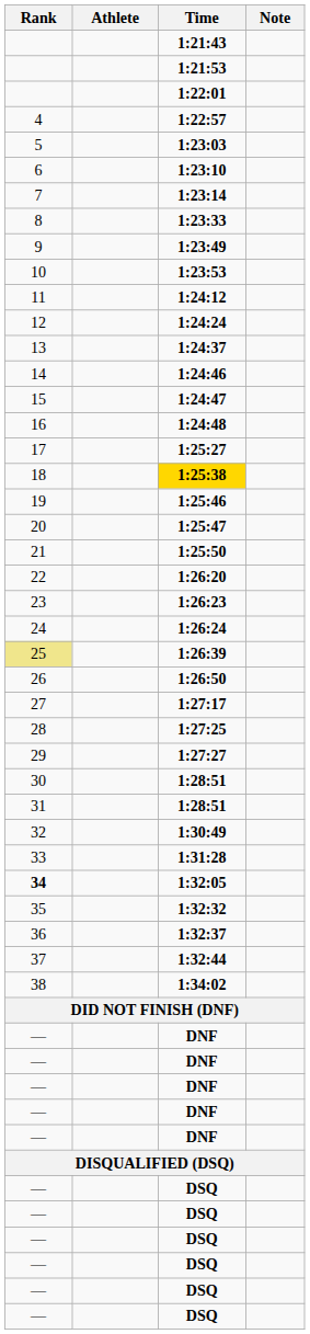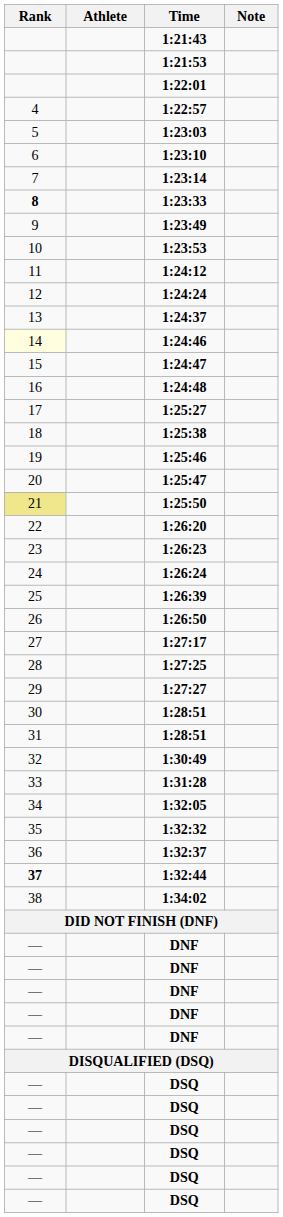 <table class="wikitable" style=" text-align:center; font-size:110%;" width="55%">
 <tr>
 <th>Rank</th>
 <th>Athlete</th>
 <th>Time</th>
 <th>Note</th>
 </tr>
 <tr>
 <td></td>
 <td align=left></td>
 <td><strong>1:21:43</strong></td>
 <td></td>
 </tr>
 <tr>
 <td></td>
 <td align=left></td>
 <td><strong>1:21:53</strong></td>
 <td></td>
 </tr>
 <tr>
 <td></td>
 <td align=left></td>
 <td><strong>1:22:01</strong></td>
 <td></td>
 </tr>
 <tr>
 <td>4</td>
 <td align=left></td>
 <td><strong>1:22:57</strong></td>
 <td></td>
 </tr>
 <tr>
 <td>5</td>
 <td align=left></td>
 <td><strong>1:23:03</strong></td>
 <td></td>
 </tr>
 <tr>
 <td>6</td>
 <td align=left></td>
 <td><strong>1:23:10</strong></td>
 <td></td>
 </tr>
 <tr>
 <td>7</td>
 <td align=left></td>
 <td><strong>1:23:14</strong></td>
 <td></td>
 </tr>
 <tr>
-<td>8</td>
+<td><strong>8</strong></td>
 <td align=left></td>
 <td><strong>1:23:33</strong></td>
 <td></td>
 </tr>
 <tr>
 <td>9</td>
 <td align=left></td>
 <td><strong>1:23:49</strong></td>
 <td></td>
 </tr>
 <tr>
 <td>10</td>
 <td align=left></td>
 <td><strong>1:23:53</strong></td>
 <td></td>
 </tr>
 <tr>
 <td>11</td>
 <td align=left></td>
 <td><strong>1:24:12</strong></td>
 <td></td>
 </tr>
 <tr>
 <td>12</td>
 <td align=left></td>
 <td><strong>1:24:24</strong></td>
 <td></td>
 </tr>
 <tr>
 <td>13</td>
 <td align=left></td>
 <td><strong>1:24:37</strong></td>
 <td></td>
 </tr>
 <tr>
-<td>14</td>
+<td style="background: lightyellow;">14</td>
 <td align=left></td>
 <td><strong>1:24:46</strong></td>
 <td></td>
 </tr>
 <tr>
 <td>15</td>
 <td align=left></td>
 <td><strong>1:24:47</strong></td>
 <td></td>
 </tr>
 <tr>
 <td>16</td>
 <td align=left></td>
 <td><strong>1:24:48</strong></td>
 <td></td>
 </tr>
 <tr>
 <td>17</td>
 <td align=left></td>
 <td><strong>1:25:27</strong></td>
 <td></td>
 </tr>
 <tr>
 <td>18</td>
 <td align=left></td>
-<td style="background: gold;"><strong>1:25:38</strong></td>
+<td><strong>1:25:38</strong></td>
 <td></td>
 </tr>
 <tr>
 <td>19</td>
 <td align=left></td>
 <td><strong>1:25:46</strong></td>
 <td></td>
 </tr>
 <tr>
 <td>20</td>
 <td align=left></td>
 <td><strong>1:25:47</strong></td>
 <td></td>
 </tr>
 <tr>
-<td>21</td>
+<td style="background: khaki;">21</td>
 <td align=left></td>
 <td><strong>1:25:50</strong></td>
 <td></td>
 </tr>
 <tr>
 <td>22</td>
 <td align=left></td>
 <td><strong>1:26:20</strong></td>
 <td></td>
 </tr>
 <tr>
 <td>23</td>
 <td align=left></td>
 <td><strong>1:26:23</strong></td>
 <td></td>
 </tr>
 <tr>
 <td>24</td>
 <td align=left></td>
 <td><strong>1:26:24</strong></td>
 <td></td>
 </tr>
 <tr>
-<td style="background: khaki;">25</td>
+<td>25</td>
 <td align=left></td>
 <td><strong>1:26:39</strong></td>
 <td></td>
 </tr>
 <tr>
 <td>26</td>
 <td align=left></td>
 <td><strong>1:26:50</strong></td>
 <td></td>
 </tr>
 <tr>
 <td>27</td>
 <td align=left></td>
 <td><strong>1:27:17</strong></td>
 <td></td>
 </tr>
 <tr>
 <td>28</td>
 <td align=left></td>
 <td><strong>1:27:25</strong></td>
 <td></td>
 </tr>
 <tr>
 <td>29</td>
 <td align=left></td>
 <td><strong>1:27:27</strong></td>
 <td></td>
 </tr>
 <tr>
 <td>30</td>
 <td align=left></td>
 <td><strong>1:28:51</strong></td>
 <td></td>
 </tr>
 <tr>
 <td>31</td>
 <td align=left></td>
 <td><strong>1:28:51</strong></td>
 <td></td>
 </tr>
 <tr>
 <td>32</td>
 <td align=left></td>
 <td><strong>1:30:49</strong></td>
 <td></td>
 </tr>
 <tr>
 <td>33</td>
 <td align=left></td>
 <td><strong>1:31:28</strong></td>
 <td></td>
 </tr>
 <tr>
-<td><strong>34</strong></td>
+<td>34</td>
 <td align=left></td>
 <td><strong>1:32:05</strong></td>
 <td></td>
 </tr>
 <tr>
 <td>35</td>
 <td align=left></td>
 <td><strong>1:32:32</strong></td>
 <td></td>
 </tr>
 <tr>
 <td>36</td>
 <td align=left></td>
 <td><strong>1:32:37</strong></td>
 <td></td>
 </tr>
 <tr>
-<td>37</td>
+<td><strong>37</strong></td>
 <td align=left></td>
 <td><strong>1:32:44</strong></td>
 <td></td>
 </tr>
 <tr>
 <td>38</td>
 <td align=left></td>
 <td><strong>1:34:02</strong></td>
 <td></td>
 </tr>
 <tr>
 <th colspan="4">DID NOT FINISH (DNF)</th>
 </tr>
 <tr>
 <td>—</td>
 <td align=left></td>
 <td><strong>DNF </strong></td>
 <td></td>
 </tr>
 <tr>
 <td>—</td>
 <td align=left></td>
 <td><strong>DNF </strong></td>
 <td></td>
 </tr>
 <tr>
 <td>—</td>
 <td align=left></td>
 <td><strong>DNF </strong></td>
 <td></td>
 </tr>
 <tr>
 <td>—</td>
 <td align=left></td>
 <td><strong>DNF </strong></td>
 <td></td>
 </tr>
 <tr>
 <td>—</td>
 <td align=left></td>
 <td><strong>DNF </strong></td>
 <td></td>
 </tr>
 <tr>
 <th colspan="4">DISQUALIFIED (DSQ)</th>
 </tr>
 <tr>
 <td>—</td>
 <td align=left></td>
 <td><strong>DSQ </strong></td>
 <td></td>
 </tr>
 <tr>
 <td>—</td>
 <td align=left></td>
 <td><strong>DSQ </strong></td>
 <td></td>
 </tr>
 <tr>
 <td>—</td>
 <td align=left></td>
 <td><strong>DSQ </strong></td>
 <td></td>
 </tr>
 <tr>
 <td>—</td>
 <td align=left></td>
 <td><strong>DSQ </strong></td>
 <td></td>
 </tr>
 <tr>
 <td>—</td>
 <td align=left></td>
 <td><strong>DSQ </strong></td>
 <td></td>
 </tr>
 <tr>
 <td>—</td>
 <td align=left></td>
 <td><strong>DSQ </strong></td>
 <td></td>
 </tr>
 </table>
